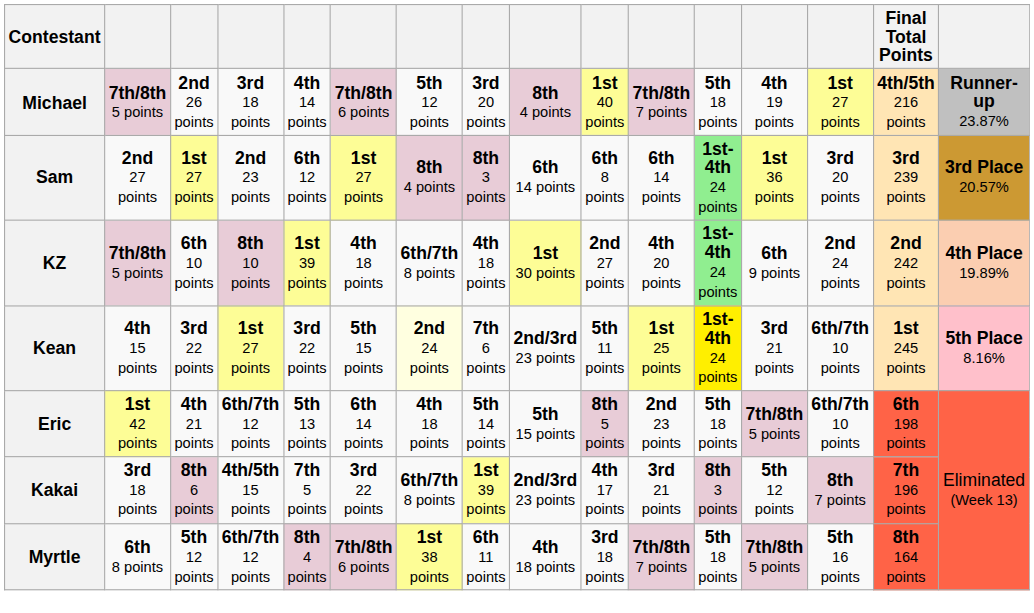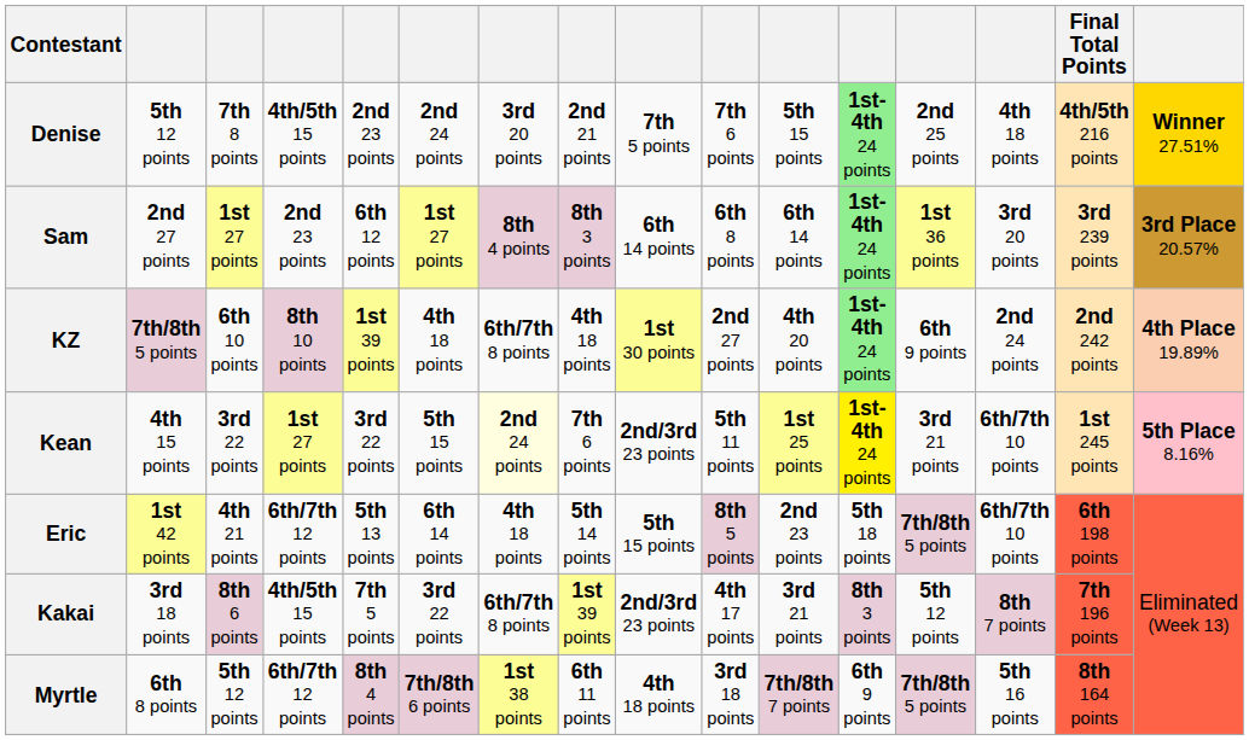 <table class="wikitable" style="text-align:center; line-height:17px; width:auto;">
 <tr>
 <th scope="col" width="09%">Contestant</th>
 <th scope="col" width="07%"><a href='#'></a></th>
 <th scope="col" width="07%"><a href='#'></a></th>
 <th scope="col" width="07%"><a href='#'></a></th>
 <th scope="col" width="07%"><a href='#'></a></th>
 <th scope="col" width="07%"><a href='#'></a></th>
 <th scope="col" width="07%"><a href='#'></a></th>
 <th scope="col" width="07%"><a href='#'></a></th>
 <th scope="col" width="07%"><a href='#'></a></th>
 <th scope="col" width="07%"><a href='#'></a></th>
 <th scope="col" width="07%"><a href='#'></a></th>
 <th scope="col" width="07%"><a href='#'></a></th>
 <th scope="col" width="07%"><a href='#'></a></th>
 <th scope="col" width="07%"><a href='#'></a></th>
 <th scope="col" width="07%">Final Total Points</th>
 <th scope="col" width="07%"><a href='#'></a></th>
 </tr>
 <tr>
-<th>Michael</th>
-<td style="background:#E8CCD7;"><strong>7th/8th</strong> <br><small>5 points</small></td>
-<td><strong>2nd</strong> <br><small>26 points</small></td>
-<td><strong>3rd</strong> <br><small>18 points</small></td>
-<td><strong>4th</strong> <br><small>14 points</small></td>
-<td style="background:#E8CCD7;"><strong>7th/8th</strong> <br><small>6 points</small></td>
+<th>Denise</th>
 <td><strong>5th</strong> <br><small>12 points</small></td>
+<td><strong>7th</strong> <br><small>8 points</small></td>
+<td><strong>4th/5th</strong> <br><small>15 points</small></td>
+<td><strong>2nd</strong> <br><small>23 points</small></td>
+<td><strong>2nd</strong> <br><small>24 points</small></td>
 <td><strong>3rd</strong> <br><small>20 points</small></td>
-<td style="background:#E8CCD7;"><strong>8th</strong> <br><small>4 points</small></td>
-<td style="background:#FDFD96;"><strong>1st</strong><br><small>40 points</small></td>
-<td style="background:#E8CCD7;"><strong>7th/8th</strong> <br><small>7 points</small></td>
-<td><strong>5th</strong> <br><small>18 points</small></td>
-<td><strong>4th</strong> <br><small>19 points</small></td>
-<td style="background:#FDFD96;"><strong>1st</strong> <br><small>27 points</small></td>
+<td><strong>2nd</strong> <br><small>21 points</small></td>
+<td><strong>7th</strong> <br><small>5 points</small></td>
+<td><strong>7th</strong> <br><small>6 points</small></td>
+<td><strong>5th</strong> <br><small>15 points</small></td>
+<td style="background:#90EE90"><strong>1st-4th</strong> <br><small>24 points</small></td>
+<td><strong>2nd</strong> <br><small>25 points</small></td>
+<td><strong>4th</strong> <br><small>18 points</small></td>
 <td style="background:#FFE5B4;"><strong>4th/5th</strong> <br><small>216 points</small></td>
-<td style="background:silver;"><strong>Runner-up</strong> <br><small>23.87%</small></td>
+<td style="background:gold;"><strong>Winner</strong> <br><small>27.51%</small></td>
 </tr>
 <tr>
 <th>Sam</th>
 <td><strong>2nd</strong> <br><small>27 points</small></td>
 <td style="background:#FDFD96;"><strong>1st</strong><br><small>27 points</small></td>
 <td><strong>2nd</strong> <br><small>23 points</small></td>
 <td><strong>6th</strong> <br><small>12 points</small></td>
 <td style="background:#FDFD96;"><strong>1st</strong> <br><small>27 points</small></td>
 <td style="background:#E8CCD7;"><strong>8th</strong><br><small>4 points</small></td>
 <td style="background:#E8CCD7;"><strong>8th</strong><br><small>3 points</small></td>
 <td><strong>6th</strong> <br><small>14 points</small></td>
 <td><strong>6th</strong> <br><small>8 points</small></td>
 <td><strong>6th</strong> <br><small>14 points</small></td>
 <td style="background:#90EE90"><strong>1st-4th</strong> <br><small>24 points</small></td>
 <td style="background:#FDFD96;"><strong>1st</strong> <br><small>36 points</small></td>
 <td><strong>3rd</strong> <br><small>20 points</small></td>
 <td style="background:#FFE5B4;"><strong>3rd</strong> <br><small>239 points</small></td>
 <td style="background:#c93;"><strong>3rd Place</strong> <br><small>20.57%</small></td>
 </tr>
 <tr>
 <th>KZ</th>
 <td style="background:#E8CCD7;"><strong>7th/8th</strong><br><small>5 points</small></td>
 <td><strong>6th</strong><br><small>10 points</small></td>
 <td style="background:#E8CCD7;"><strong>8th</strong><br><small>10 points</small></td>
 <td style="background:#FDFD96;"><strong>1st</strong><br><small>39 points</small></td>
 <td><strong>4th</strong><br><small>18 points</small></td>
 <td><strong>6th/7th</strong><br><small>8 points</small></td>
 <td><strong>4th</strong><br><small>18 points</small></td>
 <td style="background:#FDFD96;"><strong>1st</strong><br><small>30 points</small></td>
 <td><strong>2nd</strong><br><small>27 points</small></td>
 <td><strong>4th</strong><br><small>20 points</small></td>
 <td style="background:#90EE90"><strong>1st-4th</strong> <br><small>24 points</small></td>
 <td><strong>6th</strong><br><small>9 points</small></td>
 <td><strong>2nd</strong> <br><small>24 points</small></td>
 <td style="background:#FFE5B4;"><strong>2nd</strong><br><small>242 points</small></td>
 <td style="background:#FBCEB1;;"><strong>4th Place</strong> <br><small>19.89%</small></td>
 </tr>
 <tr>
 <th>Kean</th>
 <td><strong>4th</strong><br><small>15 points</small></td>
 <td><strong>3rd</strong><br><small>22 points</small></td>
 <td style="background:#FDFD96;"><strong>1st</strong><br><small>27 points</small></td>
 <td><strong>3rd</strong> <br><small>22 points</small></td>
 <td><strong>5th</strong> <br><small>15 points</small></td>
 <td style="background: lightyellow;"><strong>2nd</strong> <br><small>24 points</small></td>
 <td><strong>7th</strong> <br><small>6 points</small></td>
 <td><strong>2nd/3rd</strong> <br><small>23 points</small></td>
 <td><strong>5th</strong> <br><small>11 points</small></td>
 <td style="background:#FDFD96;"><strong>1st</strong> <br><small>25 points</small></td>
 <td style="background:#FFEF00"><strong>1st-4th</strong><br><small>24 points</small></td>
 <td><strong>3rd</strong> <br><small>21 points</small></td>
 <td><strong>6th/7th</strong> <br><small>10 points</small></td>
 <td style="background:#FFE5B4;"><strong>1st</strong> <br><small>245 points</small></td>
 <td style="background:pink;"><strong>5th Place</strong> <br><small>8.16%</small></td>
 </tr>
 <tr>
 <th>Eric</th>
 <td style="background:#FDFD96;"><strong>1st</strong><br><small>42 points</small></td>
 <td><strong>4th</strong><br><small>21 points</small></td>
 <td><strong>6th/7th</strong><br><small>12 points</small></td>
 <td><strong>5th</strong> <br><small>13 points</small></td>
 <td><strong>6th</strong> <br><small>14 points</small></td>
 <td><strong>4th</strong> <br><small>18 points</small></td>
 <td><strong>5th</strong> <br><small>14 points</small></td>
 <td><strong>5th</strong> <br><small>15 points</small></td>
 <td style="background:#E8CCD7;"><strong>8th</strong><br><small>5 points</small></td>
 <td><strong>2nd</strong><br><small>23 points</small></td>
 <td><strong>5th</strong> <br><small>18 points</small></td>
 <td style="background:#E8CCD7;"><strong>7th/8th</strong><br><small>5 points</small></td>
 <td><strong>6th/7th</strong><br><small>10 points</small></td>
 <td style="background:tomato"><strong>6th</strong> <br><small>198 points</small></td>
 <td rowspan="3" style="background:tomato">Eliminated<br><small>(Week 13)</small></td>
 </tr>
 <tr>
 <th>Kakai</th>
 <td><strong>3rd</strong> <br><small>18 points</small></td>
 <td style="background:#E8CCD7;"><strong>8th</strong> <br><small>6 points</small></td>
 <td><strong>4th/5th</strong> <br><small>15 points</small></td>
 <td><strong>7th</strong> <br><small>5 points</small></td>
 <td><strong>3rd</strong> <br><small>22 points</small></td>
 <td><strong>6th/7th</strong> <br><small>8 points</small></td>
 <td style="background:#FDFD96;"><strong>1st</strong> <br><small>39 points</small></td>
 <td><strong>2nd/3rd</strong> <br><small>23 points</small></td>
 <td><strong>4th</strong> <br><small>17 points</small></td>
 <td><strong>3rd</strong> <br><small>21 points</small></td>
 <td style="background:#E8CCD7;"><strong>8th</strong><br><small>3 points</small></td>
 <td><strong>5th</strong><br><small>12 points</small></td>
 <td style="background:#E8CCD7;"><strong>8th</strong> <br><small>7 points</small></td>
 <td style="background:tomato"><strong>7th</strong> <br><small>196 points</small></td>
 </tr>
 <tr>
 <th>Myrtle</th>
 <td><strong>6th</strong><br><small>8 points</small></td>
 <td><strong>5th</strong><br><small>12 points</small></td>
 <td><strong>6th/7th</strong><br><small>12 points</small></td>
 <td style="background:#E8CCD7;"><strong>8th</strong><br><small>4 points</small></td>
 <td style="background:#E8CCD7;"><strong>7th/8th</strong><br><small>6 points</small></td>
 <td style="background:#FDFD96;"><strong>1st</strong><br><small>38 points</small></td>
 <td><strong>6th</strong> <br><small>11 points</small></td>
 <td><strong>4th</strong> <br><small>18 points</small></td>
 <td><strong>3rd</strong> <br><small>18 points</small></td>
 <td style="background:#E8CCD7;"><strong>7th/8th</strong><br><small>7 points</small></td>
-<td><strong>5th</strong> <br><small>18 points</small></td>
+<td><strong>6th</strong> <br><small>9 points</small></td>
 <td style="background:#E8CCD7;"><strong>7th/8th</strong><br><small>5 points</small></td>
 <td><strong>5th</strong> <br><small>16 points</small></td>
 <td style="background:tomato"><strong>8th</strong> <br><small>164 points</small></td>
 </tr>
 </table>
